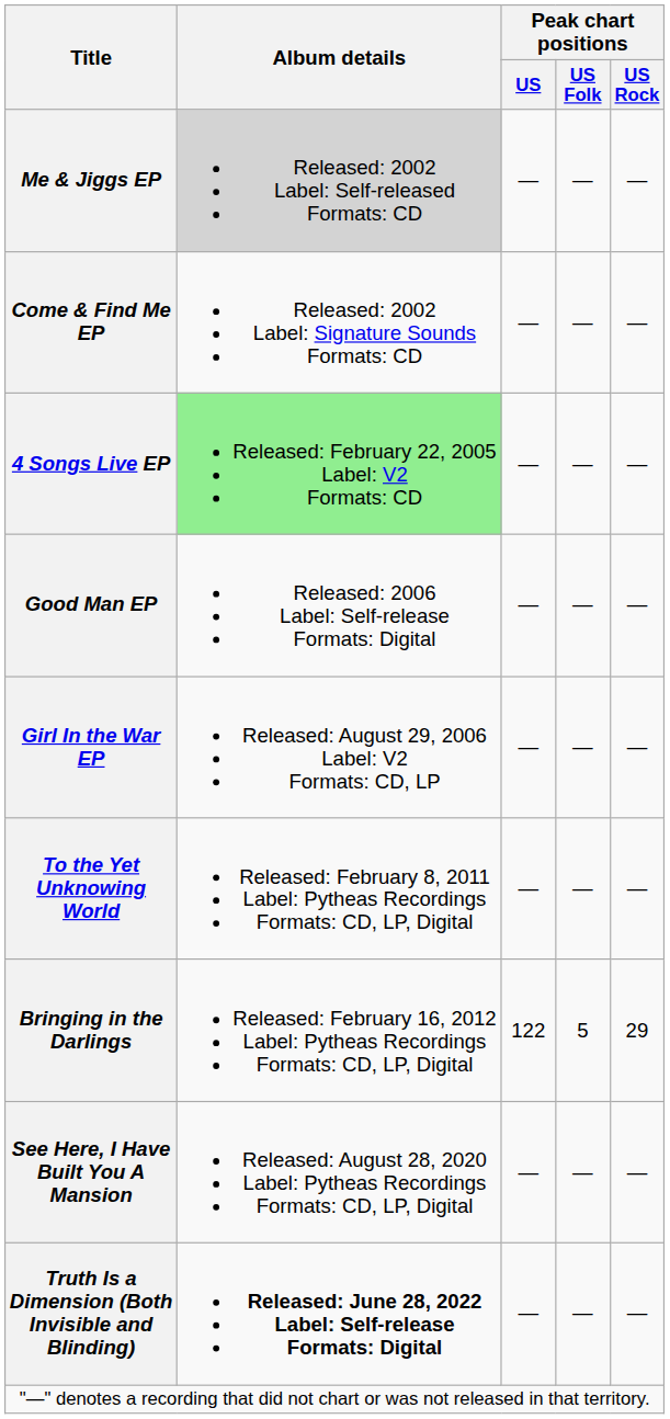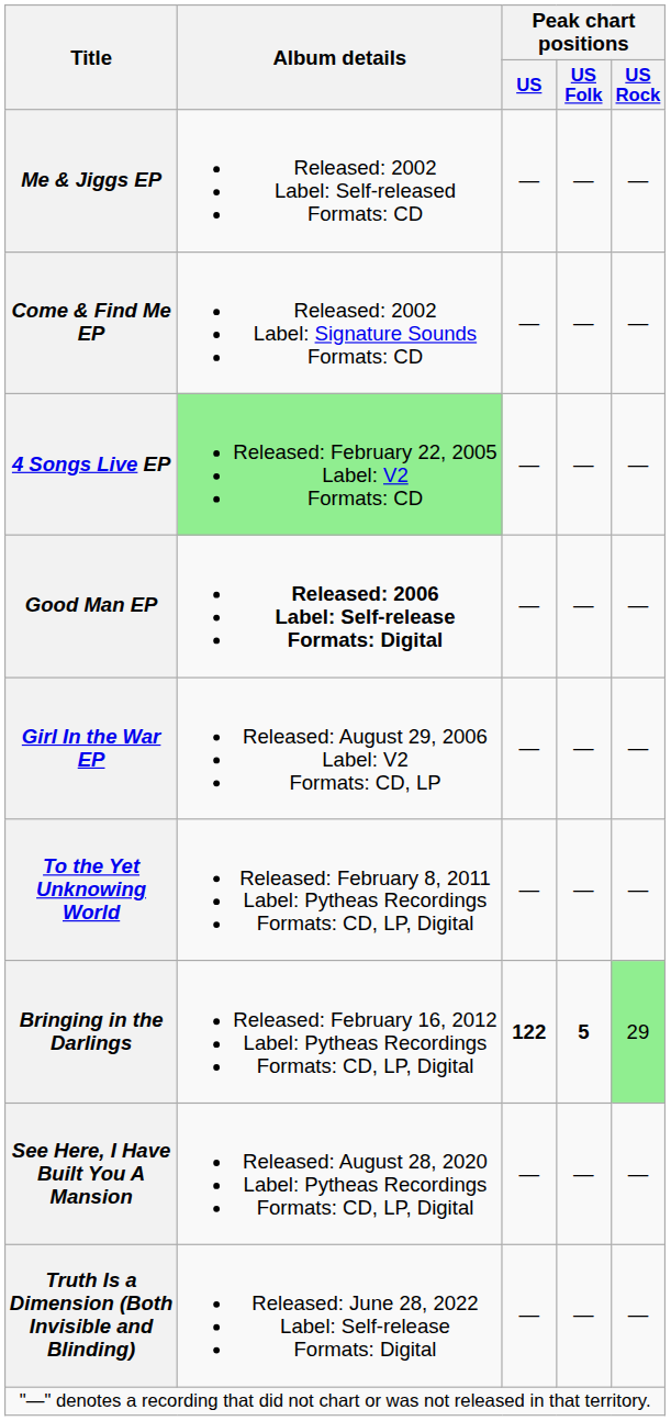 <table class="wikitable plainrowheaders" style="text-align:center;">
 <tr>
 <th scope="col" rowspan="2" style="width:8em;">Title</th>
 <th scope="col" rowspan="2">Album details</th>
 <th scope="col" colspan="5">Peak chart positions</th>
 </tr>
 <tr>
 <th scope="col" style="width:2.5em;font-size:90%;"><a href='#'>US</a><br></th>
 <th scope="col" style="width:2.5em;font-size:90%;"><a href='#'>US<br>Folk</a><br></th>
 <th scope="col" style="width:2.5em;font-size:90%;"><a href='#'>US<br>Rock</a><br></th>
 </tr>
 <tr>
 <th scope="row"><em>Me & Jiggs EP</em></th>
-<td style="background: lightgrey;"><br><ul><li>Released: 2002</li><li>Label: Self-released</li><li>Formats: CD</li></ul></td>
+<td><br><ul><li>Released: 2002</li><li>Label: Self-released</li><li>Formats: CD</li></ul></td>
 <td>—</td>
 <td>—</td>
 <td>—</td>
 </tr>
 <tr>
 <th scope="row"><em>Come & Find Me EP</em></th>
 <td><br><ul><li>Released: 2002</li><li>Label: <a href='#'>Signature Sounds</a></li><li>Formats: CD</li></ul></td>
 <td>—</td>
 <td>—</td>
 <td>—</td>
 </tr>
 <tr>
 <th scope="row"><em><a href='#'>4 Songs Live</a> EP</em></th>
 <td style="background: lightgreen;"><br><ul><li>Released: February 22, 2005</li><li>Label: <a href='#'>V2</a></li><li>Formats: CD</li></ul></td>
 <td>—</td>
 <td>—</td>
 <td>—</td>
 </tr>
 <tr>
 <th scope="row"><em>Good Man EP</em></th>
-<td><br><ul><li>Released: 2006</li><li>Label: Self-release</li><li>Formats: Digital</li></ul></td>
+<td><strong><br><ul><li>Released: 2006</li><li>Label: Self-release</li><li>Formats: Digital</li></ul></strong></td>
 <td>—</td>
 <td>—</td>
 <td>—</td>
 </tr>
 <tr>
 <th scope="row"><em><a href='#'>Girl In the War EP</a></em></th>
 <td><br><ul><li>Released: August 29, 2006</li><li>Label: V2</li><li>Formats: CD, LP</li></ul></td>
 <td>—</td>
 <td>—</td>
 <td>—</td>
 </tr>
 <tr>
 <th scope="row"><em><a href='#'>To the Yet Unknowing World</a></em></th>
 <td><br><ul><li>Released: February 8, 2011</li><li>Label: Pytheas Recordings</li><li>Formats: CD, LP, Digital</li></ul></td>
 <td>—</td>
 <td>—</td>
 <td>—</td>
 </tr>
 <tr>
 <th scope="row"><em>Bringing in the Darlings</em></th>
 <td><br><ul><li>Released: February 16, 2012</li><li>Label: Pytheas Recordings</li><li>Formats: CD, LP, Digital</li></ul></td>
-<td>122</td>
-<td>5</td>
-<td>29</td>
+<td><strong>122</strong></td>
+<td><strong>5</strong></td>
+<td style="background: lightgreen;">29</td>
 </tr>
 <tr>
 <th scope="row"><em>See Here, I Have Built You A Mansion</em></th>
 <td><br><ul><li>Released: August 28, 2020</li><li>Label: Pytheas Recordings</li><li>Formats: CD, LP, Digital</li></ul></td>
 <td>—</td>
 <td>—</td>
 <td>—</td>
 </tr>
 <tr>
 <th scope="row"><em>Truth Is a Dimension (Both Invisible and Blinding)</em></th>
-<td><strong><br><ul><li>Released: June 28, 2022</li><li>Label: Self-release</li><li>Formats: Digital</li></ul></strong></td>
+<td><br><ul><li>Released: June 28, 2022</li><li>Label: Self-release</li><li>Formats: Digital</li></ul></td>
 <td>—</td>
 <td>—</td>
 <td>—</td>
 </tr>
 <tr>
 <td colspan="5" style="font-size:90%">"—" denotes a recording that did not chart or was not released in that territory.</td>
 </tr>
 </table>
